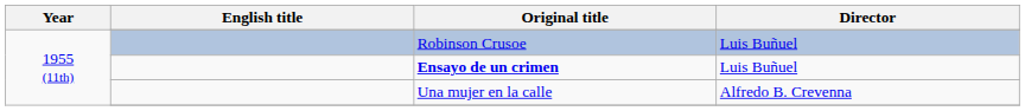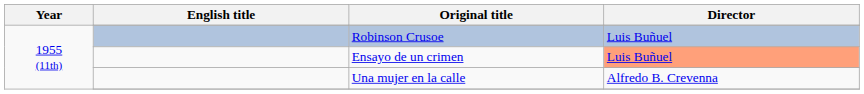 <table class="wikitable">
 <tr>
 <th width="100"><strong>Year</strong></th>
 <th width="300"><strong>English title</strong></th>
 <th width="300"><strong>Original title</strong></th>
 <th width="300"><strong>Director</strong></th>
 </tr>
 <tr>
 <td rowspan="6" style="text-align:center;"><a href='#'>1955</a><br><small><a href='#'>(11th)</a></small></td>
 </tr>
 <tr style="background:#B0C4DE;">
 <td></td>
 <td><a href='#'>Robinson Crusoe</a></td>
 <td><a href='#'>Luis Buñuel</a></td>
 </tr>
 <tr>
 <td></td>
-<td><strong><a href='#'>Ensayo de un crimen</a></strong></td>
-<td><a href='#'>Luis Buñuel</a></td>
+<td><a href='#'>Ensayo de un crimen</a></td>
+<td style="background: lightsalmon;"><a href='#'>Luis Buñuel</a></td>
 </tr>
 <tr>
 <td></td>
 <td><a href='#'>Una mujer en la calle</a></td>
 <td><a href='#'>Alfredo B. Crevenna</a></td>
 </tr>
 <tr>
 </tr>
 </table>
